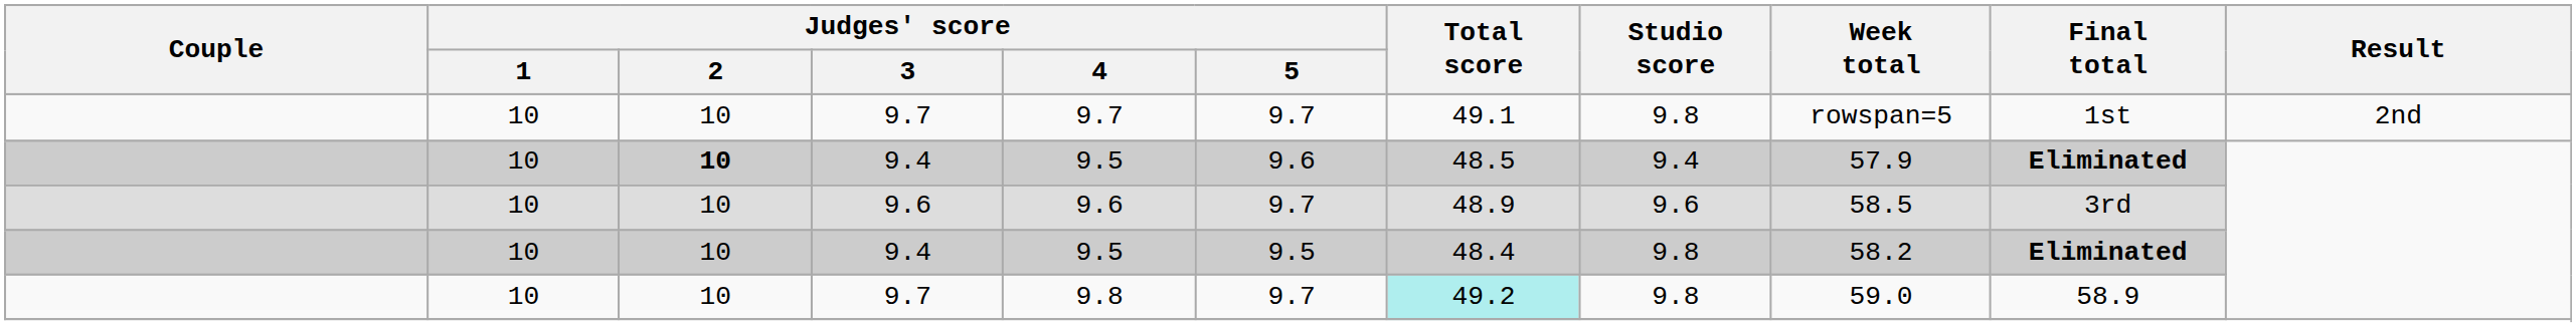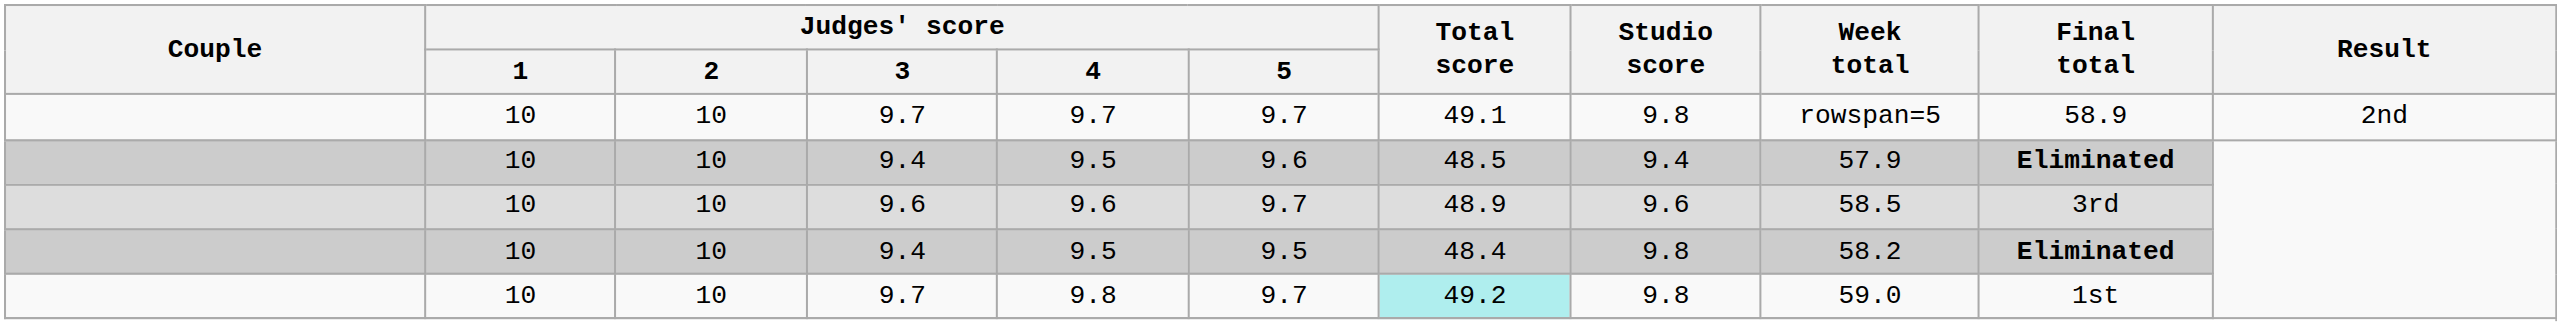 <table class="wikitable" style="font-size:100%; line-height:16px; text-align:center" width="100%">
 <tr>
 <th rowspan=2 width="11.00%">Couple</th>
 <th colspan=5 width="25.00%">Judges' score</th>
 <th rowspan=2 width="05.00%">Total<br>score</th>
 <th rowspan=2 width="05.00%">Studio<br>score</th>
 <th rowspan=2 width="05.00%">Week<br>total</th>
 <th rowspan=2 width="05.00%">Final<br>total</th>
 <th rowspan=2 width="09.00%">Result</th>
 </tr>
 <tr>
 <th width="05%">1</th>
 <th width="05%">2</th>
 <th width="05%">3</th>
 <th width="05%">4</th>
 <th width="05%">5</th>
 </tr>
 <tr>
 <td></td>
 <td>10</td>
 <td>10</td>
 <td>9.7</td>
 <td>9.7</td>
 <td>9.7</td>
 <td>49.1</td>
 <td>9.8</td>
 <td>rowspan=5 </td>
-<td>1st</td>
+<td>58.9</td>
 <td>2nd</td>
 </tr>
 <tr bgcolor=CCCCCC>
 <td></td>
 <td>10</td>
-<td><strong>10</strong></td>
+<td>10</td>
 <td>9.4</td>
 <td>9.5</td>
 <td>9.6</td>
 <td>48.5</td>
 <td>9.4</td>
 <td>57.9</td>
 <td><strong>Eliminated</strong></td>
 </tr>
 <tr bgcolor="DDDDDD">
 <td></td>
 <td>10</td>
 <td>10</td>
 <td>9.6</td>
 <td>9.6</td>
 <td>9.7</td>
 <td>48.9</td>
 <td>9.6</td>
 <td>58.5</td>
 <td>3rd</td>
 </tr>
 <tr bgcolor=CCCCCC>
 <td></td>
 <td>10</td>
 <td>10</td>
 <td>9.4</td>
 <td>9.5</td>
 <td>9.5</td>
 <td>48.4</td>
 <td>9.8</td>
 <td>58.2</td>
 <td><strong>Eliminated</strong></td>
 </tr>
 <tr>
 <td></td>
 <td>10</td>
 <td>10</td>
 <td>9.7</td>
 <td>9.8</td>
 <td>9.7</td>
 <td style="background: paleturquoise;">49.2</td>
 <td>9.8</td>
 <td>59.0</td>
-<td>58.9</td>
+<td>1st</td>
 </tr>
 <tr>
 </tr>
 </table>
